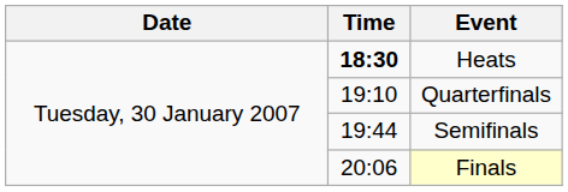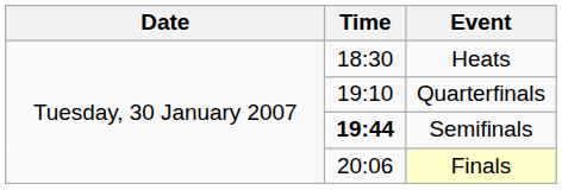 <table class = "wikitable" style="text-align:center;">
 <tr>
 <th width=220>Date</th>
 <th width=50>Time</th>
 <th width=100>Event</th>
 </tr>
 <tr>
 <td rowspan=4>Tuesday, 30 January 2007</td>
-<td><strong>18:30</strong></td>
+<td>18:30</td>
 <td>Heats</td>
 </tr>
 <tr>
 <td>19:10</td>
 <td>Quarterfinals</td>
 </tr>
 <tr>
-<td>19:44</td>
+<td><strong>19:44</strong></td>
 <td>Semifinals</td>
 </tr>
 <tr>
 <td>20:06</td>
 <td bgcolor=ffffcc>Finals</td>
 </tr>
 </table>
